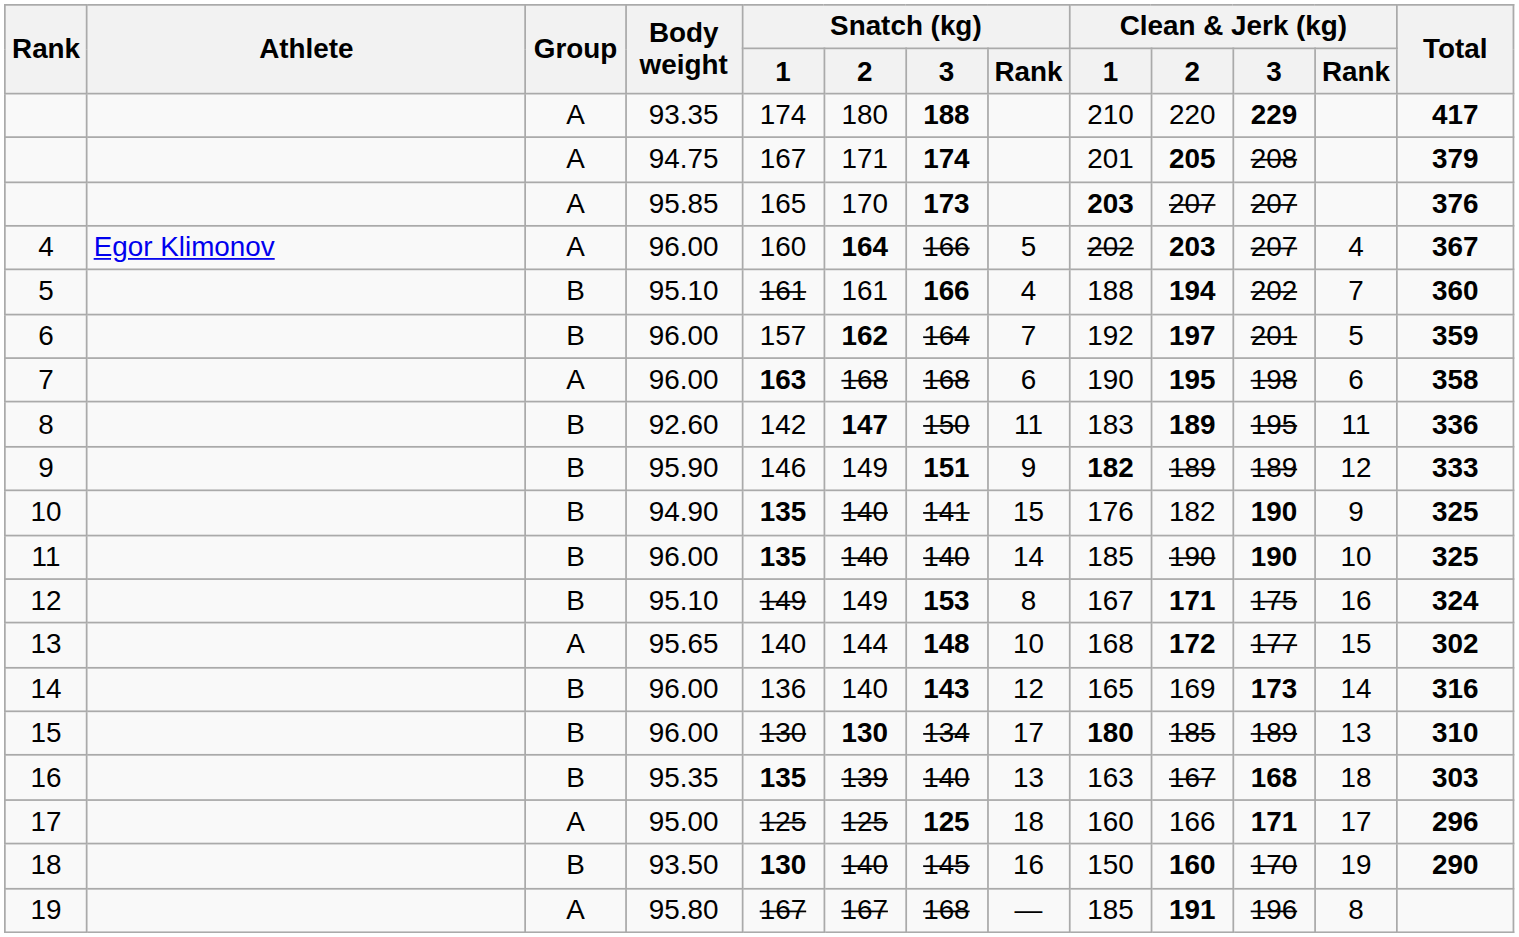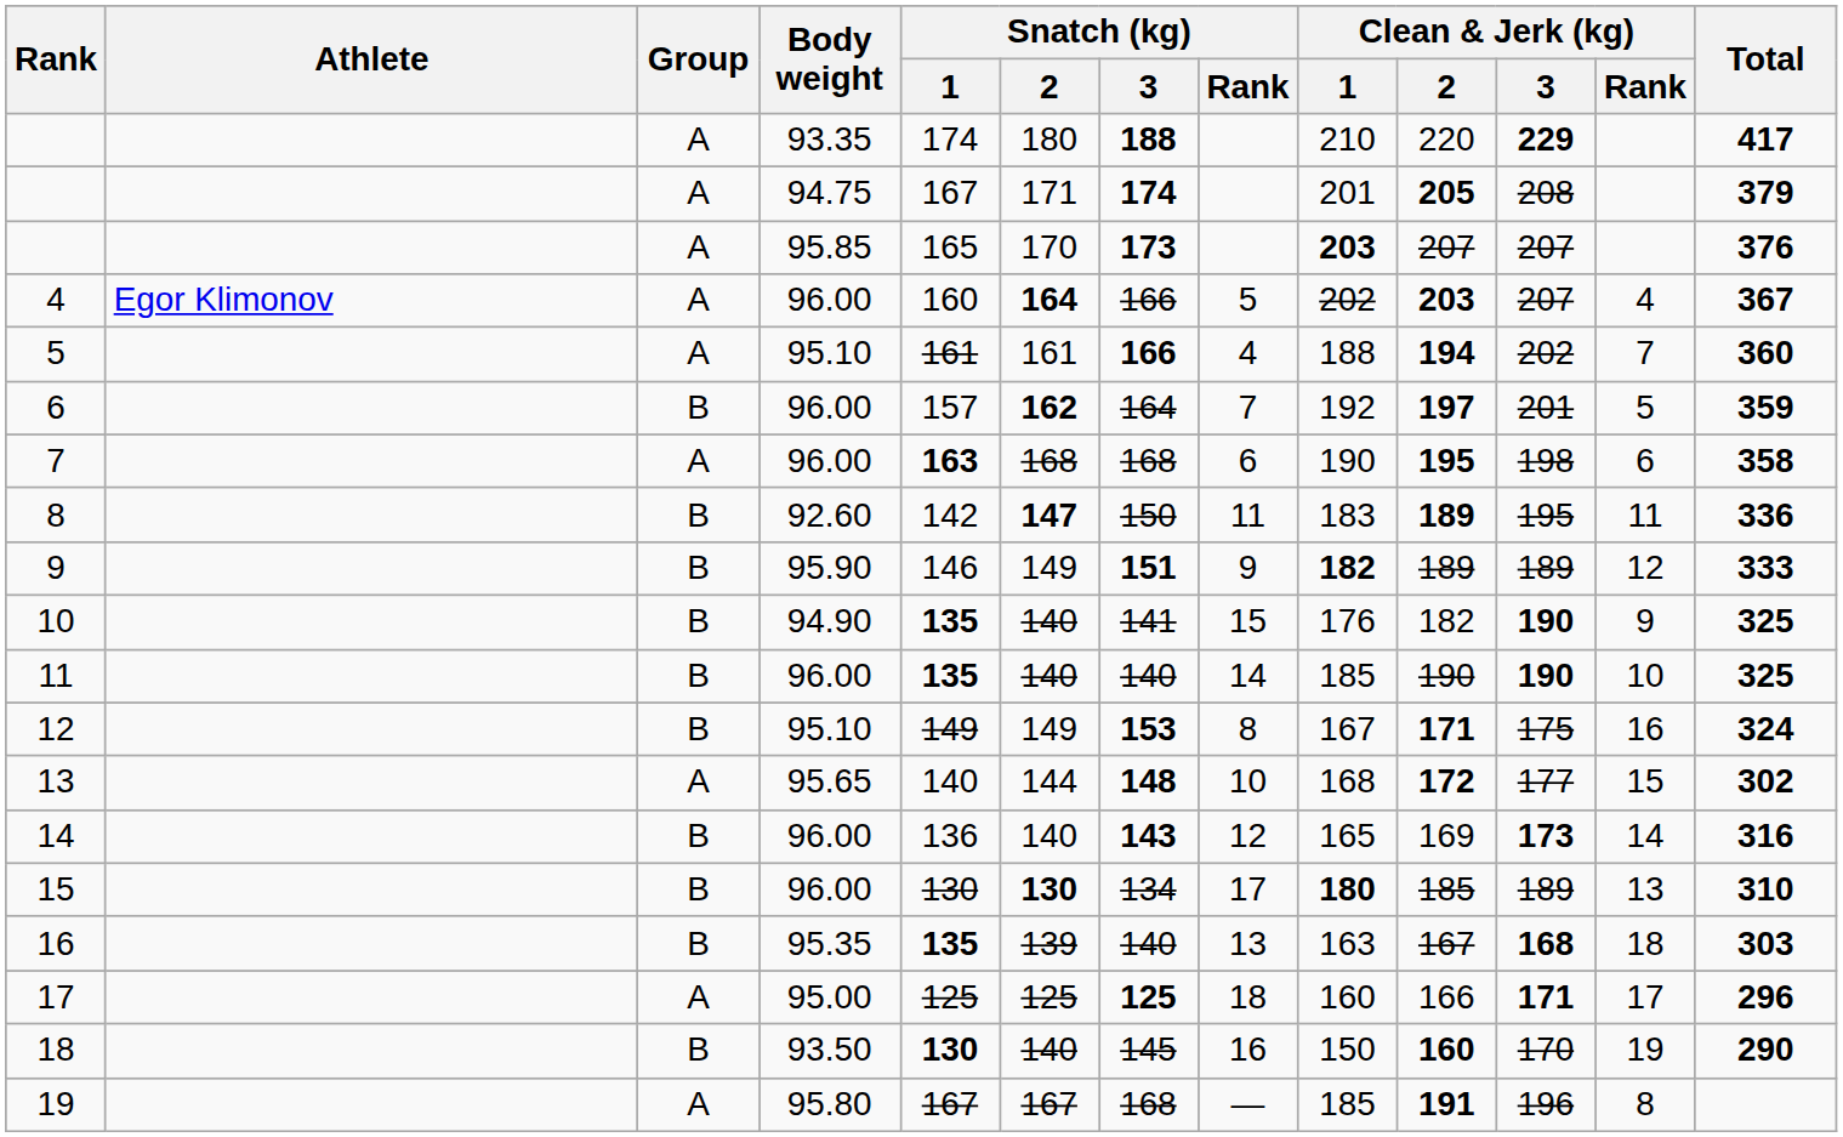 <table class = "wikitable" style="text-align:center;">
 <tr>
 <th rowspan=2 width=40>Rank</th>
 <th rowspan=2 width=250>Athlete</th>
 <th rowspan=2 width=50>Group</th>
 <th rowspan=2 width=60>Body weight</th>
 <th colspan=4>Snatch (kg)</th>
 <th colspan=4>Clean & Jerk (kg)</th>
 <th rowspan=2 width=60>Total</th>
 </tr>
 <tr>
 <th width=40>1</th>
 <th width=40>2</th>
 <th width=40>3</th>
 <th width=40>Rank</th>
 <th width=40>1</th>
 <th width=40>2</th>
 <th width=40>3</th>
 <th width=40>Rank</th>
 </tr>
 <tr>
 <td></td>
 <td align=left></td>
 <td>A</td>
 <td>93.35</td>
 <td>174</td>
 <td>180</td>
 <td><strong>188</strong></td>
 <td></td>
 <td>210</td>
 <td>220</td>
 <td><strong>229</strong></td>
 <td></td>
 <td><strong>417</strong></td>
 </tr>
 <tr>
 <td></td>
 <td align=left></td>
 <td>A</td>
 <td>94.75</td>
 <td>167</td>
 <td>171</td>
 <td><strong>174</strong></td>
 <td></td>
 <td>201</td>
 <td><strong>205</strong></td>
 <td><s>208</s></td>
 <td></td>
 <td><strong>379</strong></td>
 </tr>
 <tr>
 <td></td>
 <td align=left></td>
 <td>A</td>
 <td>95.85</td>
 <td>165</td>
 <td>170</td>
 <td><strong>173</strong></td>
 <td></td>
 <td><strong>203</strong></td>
 <td><s>207</s></td>
 <td><s>207</s></td>
 <td></td>
 <td><strong>376</strong></td>
 </tr>
 <tr>
 <td>4</td>
 <td align=left> <a href='#'>Egor Klimonov</a> </td>
 <td>A</td>
 <td>96.00</td>
 <td>160</td>
 <td><strong>164</strong></td>
 <td><s>166</s></td>
 <td>5</td>
 <td><s>202</s></td>
 <td><strong>203</strong></td>
 <td><s>207</s></td>
 <td>4</td>
 <td><strong>367</strong></td>
 </tr>
 <tr>
 <td>5</td>
 <td align=left></td>
-<td>B</td>
+<td>A</td>
 <td>95.10</td>
 <td><s>161</s></td>
 <td>161</td>
 <td><strong>166</strong></td>
 <td>4</td>
 <td>188</td>
 <td><strong>194</strong></td>
 <td><s>202</s></td>
 <td>7</td>
 <td><strong>360</strong></td>
 </tr>
 <tr>
 <td>6</td>
 <td align=left></td>
 <td>B</td>
 <td>96.00</td>
 <td>157</td>
 <td><strong>162</strong></td>
 <td><s>164</s></td>
 <td>7</td>
 <td>192</td>
 <td><strong>197</strong></td>
 <td><s>201</s></td>
 <td>5</td>
 <td><strong>359</strong></td>
 </tr>
 <tr>
 <td>7</td>
 <td align=left></td>
 <td>A</td>
 <td>96.00</td>
 <td><strong>163</strong></td>
 <td><s>168</s></td>
 <td><s>168</s></td>
 <td>6</td>
 <td>190</td>
 <td><strong>195</strong></td>
 <td><s>198</s></td>
 <td>6</td>
 <td><strong>358</strong></td>
 </tr>
 <tr>
 <td>8</td>
 <td align=left></td>
 <td>B</td>
 <td>92.60</td>
 <td>142</td>
 <td><strong>147</strong></td>
 <td><s>150</s></td>
 <td>11</td>
 <td>183</td>
 <td><strong>189</strong></td>
 <td><s>195</s></td>
 <td>11</td>
 <td><strong>336</strong></td>
 </tr>
 <tr>
 <td>9</td>
 <td align=left></td>
 <td>B</td>
 <td>95.90</td>
 <td>146</td>
 <td>149</td>
 <td><strong>151</strong></td>
 <td>9</td>
 <td><strong>182</strong></td>
 <td><s>189</s></td>
 <td><s>189</s></td>
 <td>12</td>
 <td><strong>333</strong></td>
 </tr>
 <tr>
 <td>10</td>
 <td align=left></td>
 <td>B</td>
 <td>94.90</td>
 <td><strong>135</strong></td>
 <td><s>140</s></td>
 <td><s>141</s></td>
 <td>15</td>
 <td>176</td>
 <td>182</td>
 <td><strong>190</strong></td>
 <td>9</td>
 <td><strong>325</strong></td>
 </tr>
 <tr>
 <td>11</td>
 <td align=left></td>
 <td>B</td>
 <td>96.00</td>
 <td><strong>135</strong></td>
 <td><s>140</s></td>
 <td><s>140</s></td>
 <td>14</td>
 <td>185</td>
 <td><s>190</s></td>
 <td><strong>190</strong></td>
 <td>10</td>
 <td><strong>325</strong></td>
 </tr>
 <tr>
 <td>12</td>
 <td align=left></td>
 <td>B</td>
 <td>95.10</td>
 <td><s>149</s></td>
 <td>149</td>
 <td><strong>153</strong></td>
 <td>8</td>
 <td>167</td>
 <td><strong>171</strong></td>
 <td><s>175</s></td>
 <td>16</td>
 <td><strong>324</strong></td>
 </tr>
 <tr>
 <td>13</td>
 <td align=left></td>
 <td>A</td>
 <td>95.65</td>
 <td>140</td>
 <td>144</td>
 <td><strong>148</strong></td>
 <td>10</td>
 <td>168</td>
 <td><strong>172</strong></td>
 <td><s>177</s></td>
 <td>15</td>
 <td><strong>302</strong></td>
 </tr>
 <tr>
 <td>14</td>
 <td align=left></td>
 <td>B</td>
 <td>96.00</td>
 <td>136</td>
 <td>140</td>
 <td><strong>143</strong></td>
 <td>12</td>
 <td>165</td>
 <td>169</td>
 <td><strong>173</strong></td>
 <td>14</td>
 <td><strong>316</strong></td>
 </tr>
 <tr>
 <td>15</td>
 <td align=left></td>
 <td>B</td>
 <td>96.00</td>
 <td><s>130</s></td>
 <td><strong>130</strong></td>
 <td><s>134</s></td>
 <td>17</td>
 <td><strong>180</strong></td>
 <td><s>185</s></td>
 <td><s>189</s></td>
 <td>13</td>
 <td><strong>310</strong></td>
 </tr>
 <tr>
 <td>16</td>
 <td align=left></td>
 <td>B</td>
 <td>95.35</td>
 <td><strong>135</strong></td>
 <td><s>139</s></td>
 <td><s>140</s></td>
 <td>13</td>
 <td>163</td>
 <td><s>167</s></td>
 <td><strong>168</strong></td>
 <td>18</td>
 <td><strong>303</strong></td>
 </tr>
 <tr>
 <td>17</td>
 <td align=left></td>
 <td>A</td>
 <td>95.00</td>
 <td><s>125</s></td>
 <td><s>125</s></td>
 <td><strong>125</strong></td>
 <td>18</td>
 <td>160</td>
 <td>166</td>
 <td><strong>171</strong></td>
 <td>17</td>
 <td><strong>296</strong></td>
 </tr>
 <tr>
 <td>18</td>
 <td align=left></td>
 <td>B</td>
 <td>93.50</td>
 <td><strong>130</strong></td>
 <td><s>140</s></td>
 <td><s>145</s></td>
 <td>16</td>
 <td>150</td>
 <td><strong>160</strong></td>
 <td><s>170</s></td>
 <td>19</td>
 <td><strong>290</strong></td>
 </tr>
 <tr>
 <td>19</td>
 <td align=left></td>
 <td>A</td>
 <td>95.80</td>
 <td><s>167</s></td>
 <td><s>167</s></td>
 <td><s>168</s></td>
 <td>—</td>
 <td>185</td>
 <td><strong>191</strong></td>
 <td><s>196</s></td>
 <td>8</td>
 <td></td>
 </tr>
 </table>
